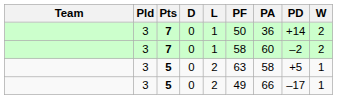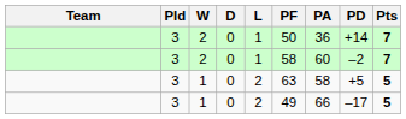 <table class="wikitable" style="text-align:center;">
 <tr>
 <th width=175>Team</th>
 <th width=25 abbr="Played">Pld</th>
-<th width=25 abbr="Points">Pts</th>
+<th width=25 abbr="Won">W</th>
 <th width=25 abbr="Drawn">D</th>
 <th width=25 abbr="Lost">L</th>
 <th width=32 abbr="Points for">PF</th>
 <th width=32 abbr="Points against">PA</th>
 <th width=32 abbr="Points difference">PD</th>
-<th width=25 abbr="Won">W</th>
+<th width=25 abbr="Points">Pts</th>
 </tr>
 <tr bgcolor=ccffcc>
 <td align=left></td>
 <td>3</td>
-<td><strong>7</strong></td>
+<td>2</td>
 <td>0</td>
 <td>1</td>
 <td>50</td>
 <td>36</td>
 <td>+14</td>
-<td>2</td>
+<td><strong>7</strong></td>
 </tr>
 <tr bgcolor=ccffcc>
 <td align=left></td>
 <td>3</td>
-<td><strong>7</strong></td>
+<td>2</td>
 <td>0</td>
 <td>1</td>
 <td>58</td>
 <td>60</td>
 <td>–2</td>
-<td>2</td>
+<td><strong>7</strong></td>
 </tr>
 <tr>
 <td align=left></td>
 <td>3</td>
-<td><strong>5</strong></td>
+<td>1</td>
 <td>0</td>
 <td>2</td>
 <td>63</td>
 <td>58</td>
 <td>+5</td>
-<td>1</td>
+<td><strong>5</strong></td>
 </tr>
 <tr>
 <td align=left></td>
 <td>3</td>
-<td><strong>5</strong></td>
+<td>1</td>
 <td>0</td>
 <td>2</td>
 <td>49</td>
 <td>66</td>
 <td>–17</td>
-<td>1</td>
+<td><strong>5</strong></td>
 </tr>
 </table>
